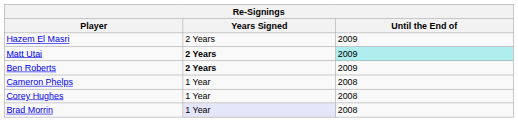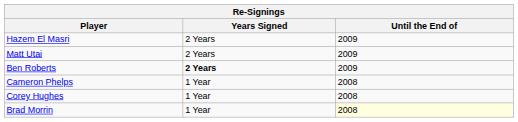 <table class="wikitable"  style="width:65%; font-size:90%;">
 <tr style="background:#efefef;">
 <th colspan=11>Re-Signings</th>
 </tr>
 <tr>
 <th>Player</th>
 <th>Years Signed</th>
 <th>Until the End of</th>
 </tr>
 <tr>
 <td><a href='#'>Hazem El Masri</a></td>
 <td>2 Years</td>
 <td>2009</td>
 </tr>
 <tr>
 <td><a href='#'>Matt Utai</a></td>
-<td><strong>2 Years</strong></td>
-<td style="background: paleturquoise;">2009</td>
+<td>2 Years</td>
+<td>2009</td>
 </tr>
 <tr>
 <td><a href='#'>Ben Roberts</a></td>
 <td><strong>2 Years</strong></td>
 <td>2009</td>
 </tr>
 <tr>
 <td><a href='#'>Cameron Phelps</a></td>
 <td>1 Year</td>
 <td>2008</td>
 </tr>
 <tr>
 <td><a href='#'>Corey Hughes</a></td>
 <td>1 Year</td>
 <td>2008</td>
 </tr>
 <tr>
 <td><a href='#'>Brad Morrin</a></td>
-<td style="background: lavender;">1 Year</td>
-<td>2008</td>
+<td>1 Year</td>
+<td style="background: lightyellow;">2008</td>
 </tr>
 </table>
